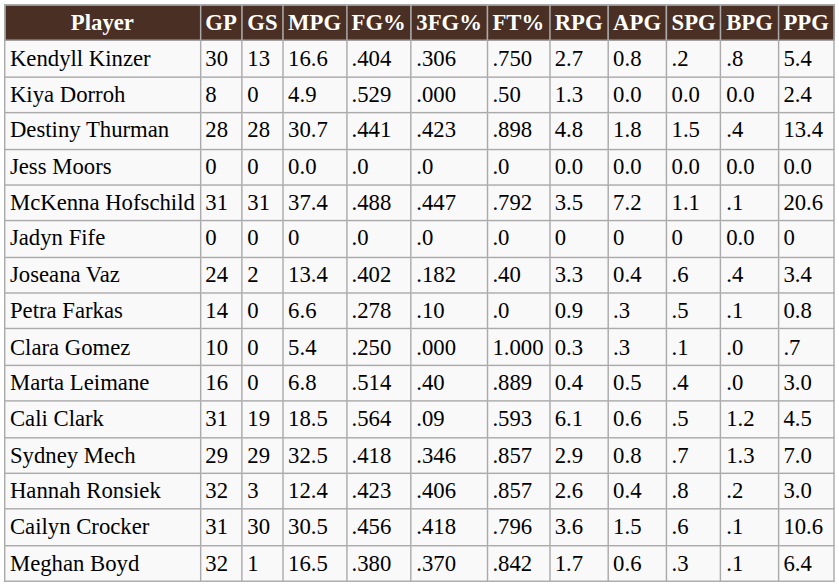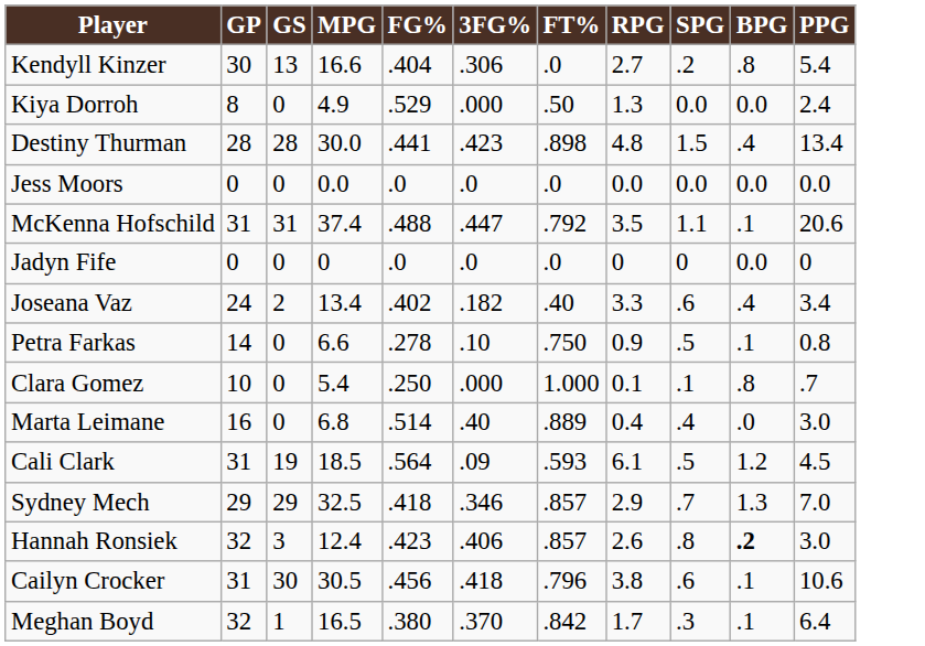 <table class="wikitable sortable">
 <tr>
 <th style="background:#492f24; color:white">Player</th>
 <th style="background:#492f24; color:white">GP</th>
 <th style="background:#492f24; color:white">GS</th>
 <th style="background:#492f24; color:white">MPG</th>
 <th style="background:#492f24; color:white">FG%</th>
 <th style="background:#492f24; color:white">3FG%</th>
 <th style="background:#492f24; color:white">FT%</th>
 <th style="background:#492f24; color:white;">RPG</th>
-<th style="background:#492f24; color:white;">APG</th>
 <th style="background:#492f24; color:white;">SPG</th>
 <th style="background:#492f24; color:white;">BPG</th>
 <th style="background:#492f24; color:white;">PPG</th>
 </tr>
 <tr>
 <td>Kendyll Kinzer</td>
 <td>30</td>
 <td>13</td>
 <td>16.6</td>
 <td>.404</td>
 <td>.306</td>
-<td>.750</td>
+<td>.0</td>
 <td>2.7</td>
-<td>0.8</td>
 <td>.2</td>
 <td>.8</td>
 <td>5.4</td>
 </tr>
 <tr>
 <td>Kiya Dorroh</td>
 <td>8</td>
 <td>0</td>
 <td>4.9</td>
 <td>.529</td>
 <td>.000</td>
 <td>.50</td>
 <td>1.3</td>
 <td>0.0</td>
 <td>0.0</td>
-<td>0.0</td>
 <td>2.4</td>
 </tr>
 <tr>
 <td>Destiny Thurman</td>
 <td>28</td>
 <td>28</td>
-<td>30.7</td>
+<td>30.0</td>
 <td>.441</td>
 <td>.423</td>
 <td>.898</td>
 <td>4.8</td>
-<td>1.8</td>
 <td>1.5</td>
 <td>.4</td>
 <td>13.4</td>
 </tr>
 <tr>
 <td>Jess Moors</td>
 <td>0</td>
 <td>0</td>
 <td>0.0</td>
 <td>.0</td>
 <td>.0</td>
 <td>.0</td>
 <td>0.0</td>
 <td>0.0</td>
 <td>0.0</td>
 <td>0.0</td>
-<td>0.0</td>
 </tr>
 <tr>
 <td>McKenna Hofschild</td>
 <td>31</td>
 <td>31</td>
 <td>37.4</td>
 <td>.488</td>
 <td>.447</td>
 <td>.792</td>
 <td>3.5</td>
-<td>7.2</td>
 <td>1.1</td>
 <td>.1</td>
 <td>20.6</td>
 </tr>
 <tr>
 <td>Jadyn Fife</td>
 <td>0</td>
 <td>0</td>
 <td>0</td>
 <td>.0</td>
 <td>.0</td>
 <td>.0</td>
 <td>0</td>
 <td>0</td>
-<td>0</td>
 <td>0.0</td>
 <td>0</td>
 </tr>
 <tr>
 <td>Joseana Vaz</td>
 <td>24</td>
 <td>2</td>
 <td>13.4</td>
 <td>.402</td>
 <td>.182</td>
 <td>.40</td>
 <td>3.3</td>
-<td>0.4</td>
 <td>.6</td>
 <td>.4</td>
 <td>3.4</td>
 </tr>
 <tr>
 <td>Petra Farkas</td>
 <td>14</td>
 <td>0</td>
 <td>6.6</td>
 <td>.278</td>
 <td>.10</td>
-<td>.0</td>
+<td>.750</td>
 <td>0.9</td>
-<td>.3</td>
 <td>.5</td>
 <td>.1</td>
 <td>0.8</td>
 </tr>
 <tr>
 <td>Clara Gomez</td>
 <td>10</td>
 <td>0</td>
 <td>5.4</td>
 <td>.250</td>
 <td>.000</td>
 <td>1.000</td>
-<td>0.3</td>
-<td>.3</td>
+<td>0.1</td>
 <td>.1</td>
-<td>.0</td>
+<td>.8</td>
 <td>.7</td>
 </tr>
 <tr>
 <td>Marta Leimane</td>
 <td>16</td>
 <td>0</td>
 <td>6.8</td>
 <td>.514</td>
 <td>.40</td>
 <td>.889</td>
 <td>0.4</td>
-<td>0.5</td>
 <td>.4</td>
 <td>.0</td>
 <td>3.0</td>
 </tr>
 <tr>
 <td>Cali Clark</td>
 <td>31</td>
 <td>19</td>
 <td>18.5</td>
 <td>.564</td>
 <td>.09</td>
 <td>.593</td>
 <td>6.1</td>
-<td>0.6</td>
 <td>.5</td>
 <td>1.2</td>
 <td>4.5</td>
 </tr>
 <tr>
 <td>Sydney Mech</td>
 <td>29</td>
 <td>29</td>
 <td>32.5</td>
 <td>.418</td>
 <td>.346</td>
 <td>.857</td>
 <td>2.9</td>
-<td>0.8</td>
 <td>.7</td>
 <td>1.3</td>
 <td>7.0</td>
 </tr>
 <tr>
 <td>Hannah Ronsiek</td>
 <td>32</td>
 <td>3</td>
 <td>12.4</td>
 <td>.423</td>
 <td>.406</td>
 <td>.857</td>
 <td>2.6</td>
-<td>0.4</td>
 <td>.8</td>
-<td>.2</td>
+<td><strong>.2</strong></td>
 <td>3.0</td>
 </tr>
 <tr>
 <td>Cailyn Crocker</td>
 <td>31</td>
 <td>30</td>
 <td>30.5</td>
 <td>.456</td>
 <td>.418</td>
 <td>.796</td>
-<td>3.6</td>
-<td>1.5</td>
+<td>3.8</td>
 <td>.6</td>
 <td>.1</td>
 <td>10.6</td>
 </tr>
 <tr>
 <td>Meghan Boyd</td>
 <td>32</td>
 <td>1</td>
 <td>16.5</td>
 <td>.380</td>
 <td>.370</td>
 <td>.842</td>
 <td>1.7</td>
-<td>0.6</td>
 <td>.3</td>
 <td>.1</td>
 <td>6.4</td>
 </tr>
 </table>
